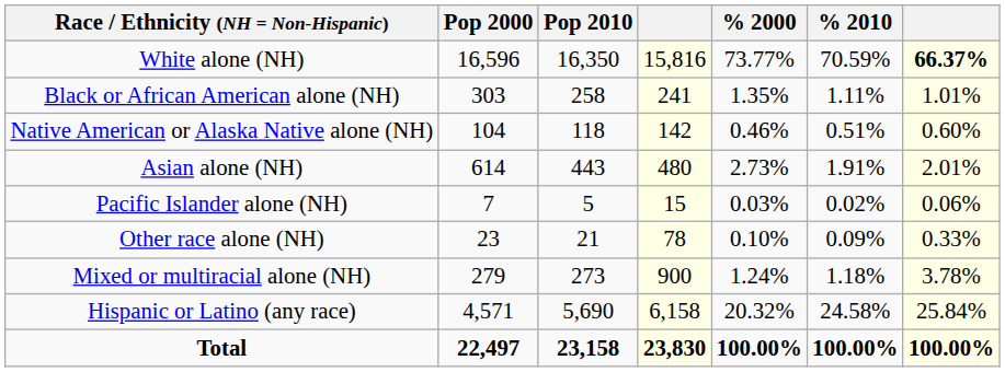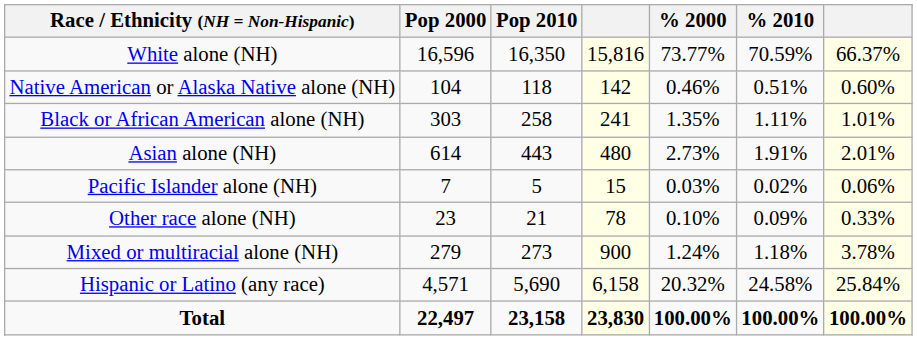 <table class="wikitable" style="text-align:center;">
 <tr>
 <th>Race / Ethnicity <small>(<em>NH = Non-Hispanic</em>)</small></th>
 <th>Pop 2000</th>
 <th>Pop 2010</th>
 <th></th>
 <th>% 2000</th>
 <th>% 2010</th>
 <th></th>
 </tr>
 <tr>
 <td><a href='#'>White</a> alone (NH)</td>
 <td>16,596</td>
 <td>16,350</td>
 <td style='background: #ffffe6;'>15,816</td>
 <td>73.77%</td>
 <td>70.59%</td>
-<td style='background: #ffffe6;'><strong>66.37%</strong></td>
+<td style='background: #ffffe6;'>66.37%</td>
+</tr>
+<tr>
+<td><a href='#'>Native American</a> or <a href='#'>Alaska Native</a> alone (NH)</td>
+<td>104</td>
+<td>118</td>
+<td style='background: #ffffe6;'>142</td>
+<td>0.46%</td>
+<td>0.51%</td>
+<td style='background: #ffffe6;'>0.60%</td>
 </tr>
 <tr>
 <td><a href='#'>Black or African American</a> alone (NH)</td>
 <td>303</td>
 <td>258</td>
 <td style='background: #ffffe6;'>241</td>
 <td>1.35%</td>
 <td>1.11%</td>
 <td style='background: #ffffe6;'>1.01%</td>
-</tr>
-<tr>
-<td><a href='#'>Native American</a> or <a href='#'>Alaska Native</a> alone (NH)</td>
-<td>104</td>
-<td>118</td>
-<td style='background: #ffffe6;'>142</td>
-<td>0.46%</td>
-<td>0.51%</td>
-<td style='background: #ffffe6;'>0.60%</td>
 </tr>
 <tr>
 <td><a href='#'>Asian</a> alone (NH)</td>
 <td>614</td>
 <td>443</td>
 <td style='background: #ffffe6;'>480</td>
 <td>2.73%</td>
 <td>1.91%</td>
 <td style='background: #ffffe6;'>2.01%</td>
 </tr>
 <tr>
 <td><a href='#'>Pacific Islander</a> alone (NH)</td>
 <td>7</td>
 <td>5</td>
 <td style='background: #ffffe6;'>15</td>
 <td>0.03%</td>
 <td>0.02%</td>
 <td style='background: #ffffe6;'>0.06%</td>
 </tr>
 <tr>
 <td><a href='#'>Other race</a> alone (NH)</td>
 <td>23</td>
 <td>21</td>
 <td style='background: #ffffe6;'>78</td>
 <td>0.10%</td>
 <td>0.09%</td>
 <td style='background: #ffffe6;'>0.33%</td>
 </tr>
 <tr>
 <td><a href='#'>Mixed or multiracial</a> alone (NH)</td>
 <td>279</td>
 <td>273</td>
 <td style='background: #ffffe6;'>900</td>
 <td>1.24%</td>
 <td>1.18%</td>
 <td style='background: #ffffe6;'>3.78%</td>
 </tr>
 <tr>
 <td><a href='#'>Hispanic or Latino</a> (any race)</td>
 <td>4,571</td>
 <td>5,690</td>
 <td style='background: #ffffe6;'>6,158</td>
 <td>20.32%</td>
 <td>24.58%</td>
 <td style='background: #ffffe6;'>25.84%</td>
 </tr>
 <tr>
 <td><strong>Total</strong></td>
 <td><strong>22,497</strong></td>
 <td><strong>23,158</strong></td>
 <td style='background: #ffffe6;'><strong>23,830</strong></td>
 <td><strong>100.00%</strong></td>
 <td><strong>100.00%</strong></td>
 <td style='background: #ffffe6;'><strong>100.00%</strong></td>
 </tr>
 </table>
